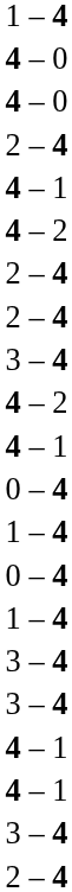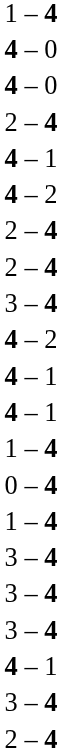 <table style="text-align:center">
 <tr>
 <th width=223></th>
 <th width=100></th>
 <th width=223></th>
 </tr>
 <tr>
 <td align=right></td>
 <td>1 – <strong>4</strong></td>
 <td align=left></td>
 </tr>
 <tr>
 <td align=right></td>
 <td><strong>4</strong> – 0</td>
 <td align=left></td>
 </tr>
 <tr>
 <td align=right></td>
 <td><strong>4</strong> – 0</td>
 <td align=left></td>
 </tr>
 <tr>
 <td align=right></td>
 <td>2 – <strong>4</strong></td>
 <td align=left></td>
 </tr>
 <tr>
 <td align=right></td>
 <td><strong>4</strong> – 1</td>
 <td align=left></td>
 </tr>
 <tr>
 <td align=right></td>
 <td><strong>4</strong> – 2</td>
 <td align=left></td>
 </tr>
 <tr>
 <td align=right></td>
 <td>2 – <strong>4</strong></td>
 <td align=left></td>
 </tr>
 <tr>
 <td align=right></td>
 <td>2 – <strong>4</strong></td>
 <td align=left></td>
 </tr>
 <tr>
 <td align=right></td>
 <td>3 – <strong>4</strong></td>
 <td align=left></td>
 </tr>
 <tr>
 <td align=right></td>
 <td><strong>4</strong> – 2</td>
 <td align=left></td>
 </tr>
 <tr>
 <td align=right></td>
 <td><strong>4</strong> – 1</td>
 <td align=left></td>
 </tr>
 <tr>
 <td align=right></td>
-<td>0 – <strong>4</strong></td>
+<td><strong>4</strong> – 1</td>
 <td align=left></td>
 </tr>
 <tr>
 <td align=right></td>
 <td>1 – <strong>4</strong></td>
 <td align=left></td>
 </tr>
 <tr>
 <td align=right></td>
 <td>0 – <strong>4</strong></td>
 <td align=left></td>
 </tr>
 <tr>
 <td align=right></td>
 <td>1 – <strong>4</strong></td>
 <td align=left></td>
 </tr>
 <tr>
 <td align=right></td>
 <td>3 – <strong>4</strong></td>
 <td align=left></td>
 </tr>
 <tr>
 <td align=right></td>
 <td>3 – <strong>4</strong></td>
 <td align=left></td>
 </tr>
 <tr>
 <td align=right></td>
-<td><strong>4</strong> – 1</td>
+<td>3 – <strong>4</strong></td>
 <td align=left></td>
 </tr>
 <tr>
 <td align=right></td>
 <td><strong>4</strong> – 1</td>
 <td align=left></td>
 </tr>
 <tr>
 <td align=right></td>
 <td>3 – <strong>4</strong></td>
 <td align=left></td>
 </tr>
 <tr>
 <td align=right></td>
 <td>2 – <strong>4</strong></td>
 <td align=left></td>
 </tr>
 </table>
